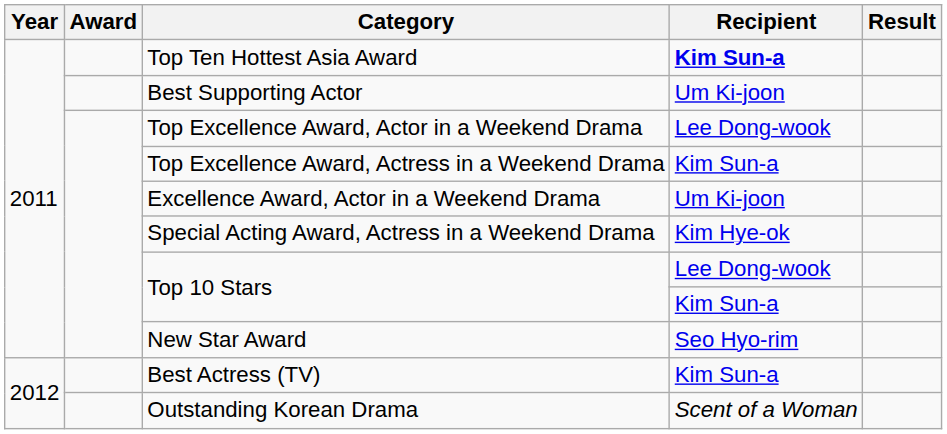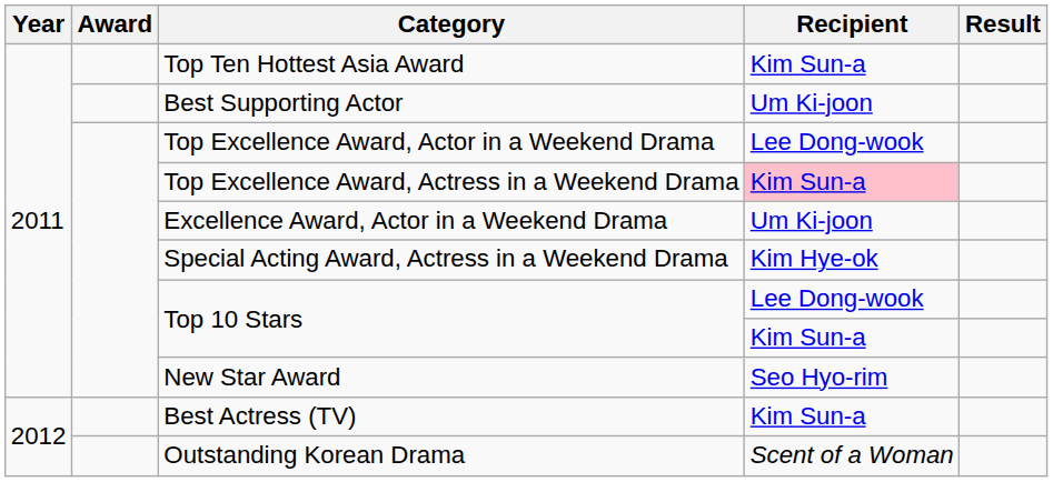 <table class="wikitable">
 <tr>
 <th>Year</th>
 <th>Award</th>
 <th>Category</th>
 <th>Recipient</th>
 <th>Result</th>
 </tr>
 <tr>
 <td rowspan=9>2011</td>
 <td></td>
 <td>Top Ten Hottest Asia Award</td>
-<td><strong><a href='#'>Kim Sun-a</a></strong></td>
+<td><a href='#'>Kim Sun-a</a></td>
 <td></td>
 </tr>
 <tr>
 <td></td>
 <td>Best Supporting Actor</td>
 <td><a href='#'>Um Ki-joon</a></td>
 <td></td>
 </tr>
 <tr>
 <td rowspan=7></td>
 <td>Top Excellence Award, Actor in a Weekend Drama</td>
 <td><a href='#'>Lee Dong-wook</a></td>
 <td></td>
 </tr>
 <tr>
 <td>Top Excellence Award, Actress in a Weekend Drama</td>
-<td><a href='#'>Kim Sun-a</a></td>
+<td style="background: pink;"><a href='#'>Kim Sun-a</a></td>
 <td></td>
 </tr>
 <tr>
 <td>Excellence Award, Actor in a Weekend Drama</td>
 <td><a href='#'>Um Ki-joon</a></td>
 <td></td>
 </tr>
 <tr>
 <td>Special Acting Award, Actress in a Weekend Drama</td>
 <td><a href='#'>Kim Hye-ok</a></td>
 <td></td>
 </tr>
 <tr>
 <td rowspan=2>Top 10 Stars</td>
 <td><a href='#'>Lee Dong-wook</a></td>
 <td></td>
 </tr>
 <tr>
 <td><a href='#'>Kim Sun-a</a></td>
 <td></td>
 </tr>
 <tr>
 <td>New Star Award</td>
 <td><a href='#'>Seo Hyo-rim</a></td>
 <td></td>
 </tr>
 <tr>
 <td rowspan=2>2012</td>
 <td></td>
 <td>Best Actress (TV)</td>
 <td><a href='#'>Kim Sun-a</a></td>
 <td></td>
 </tr>
 <tr>
 <td></td>
 <td>Outstanding Korean Drama</td>
 <td><em>Scent of a Woman</em></td>
 <td></td>
 </tr>
 </table>
